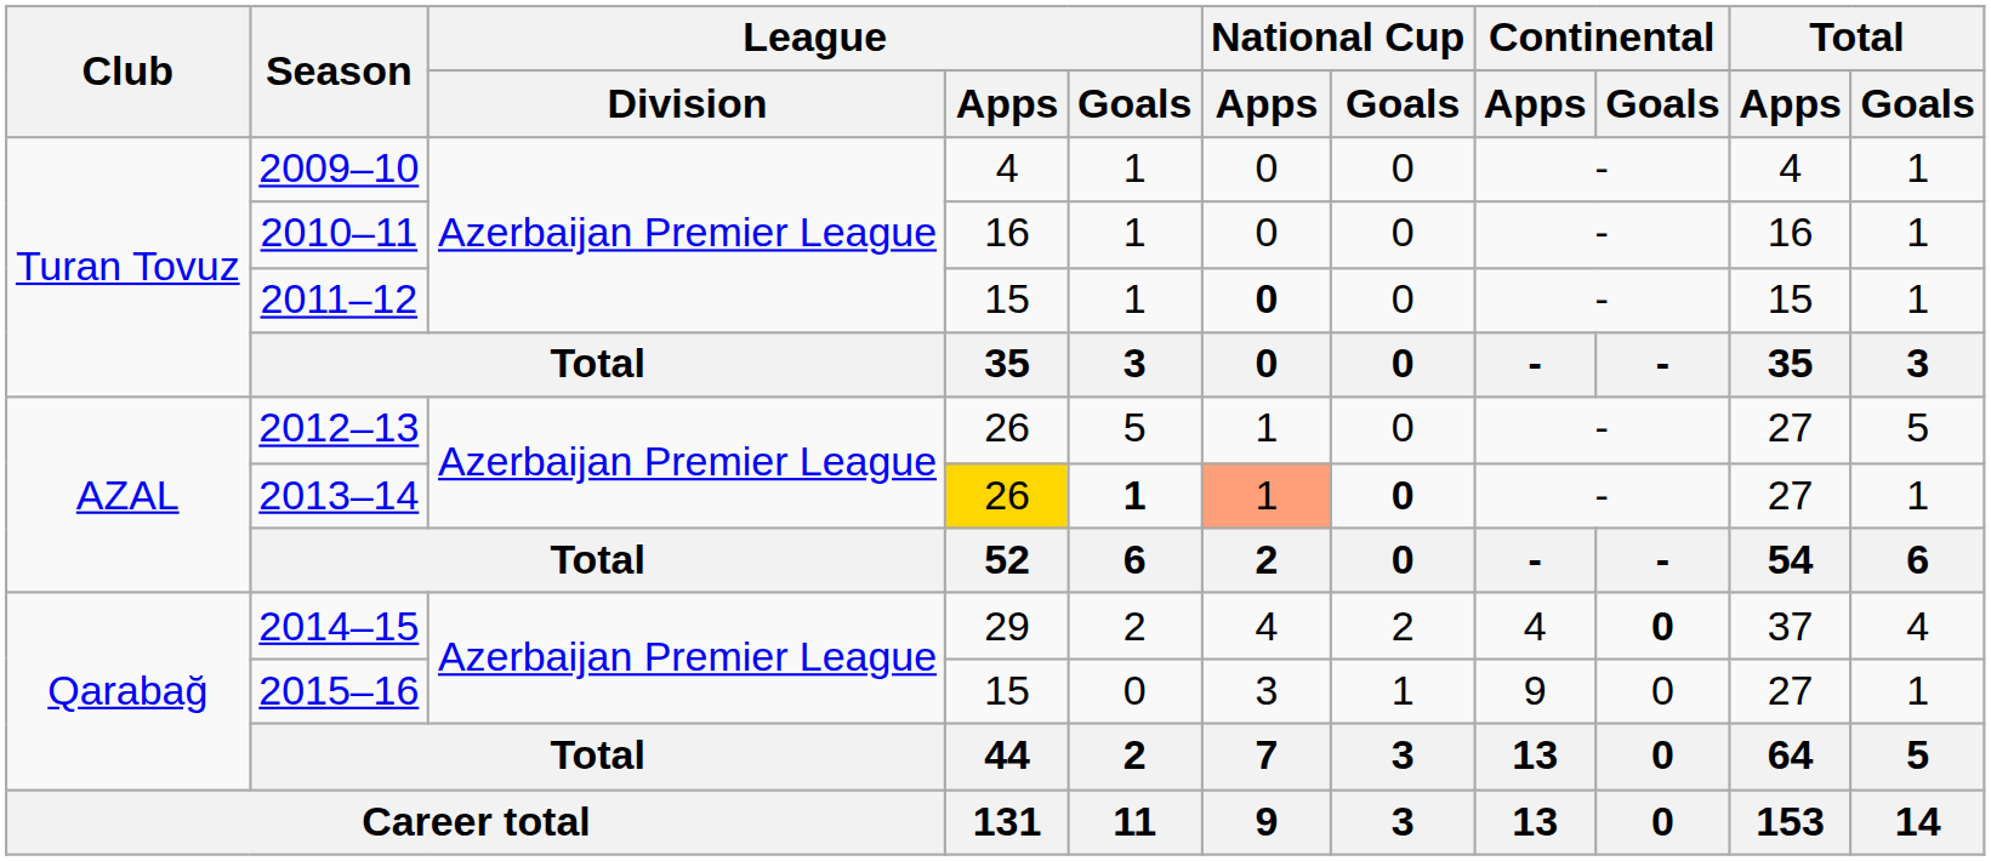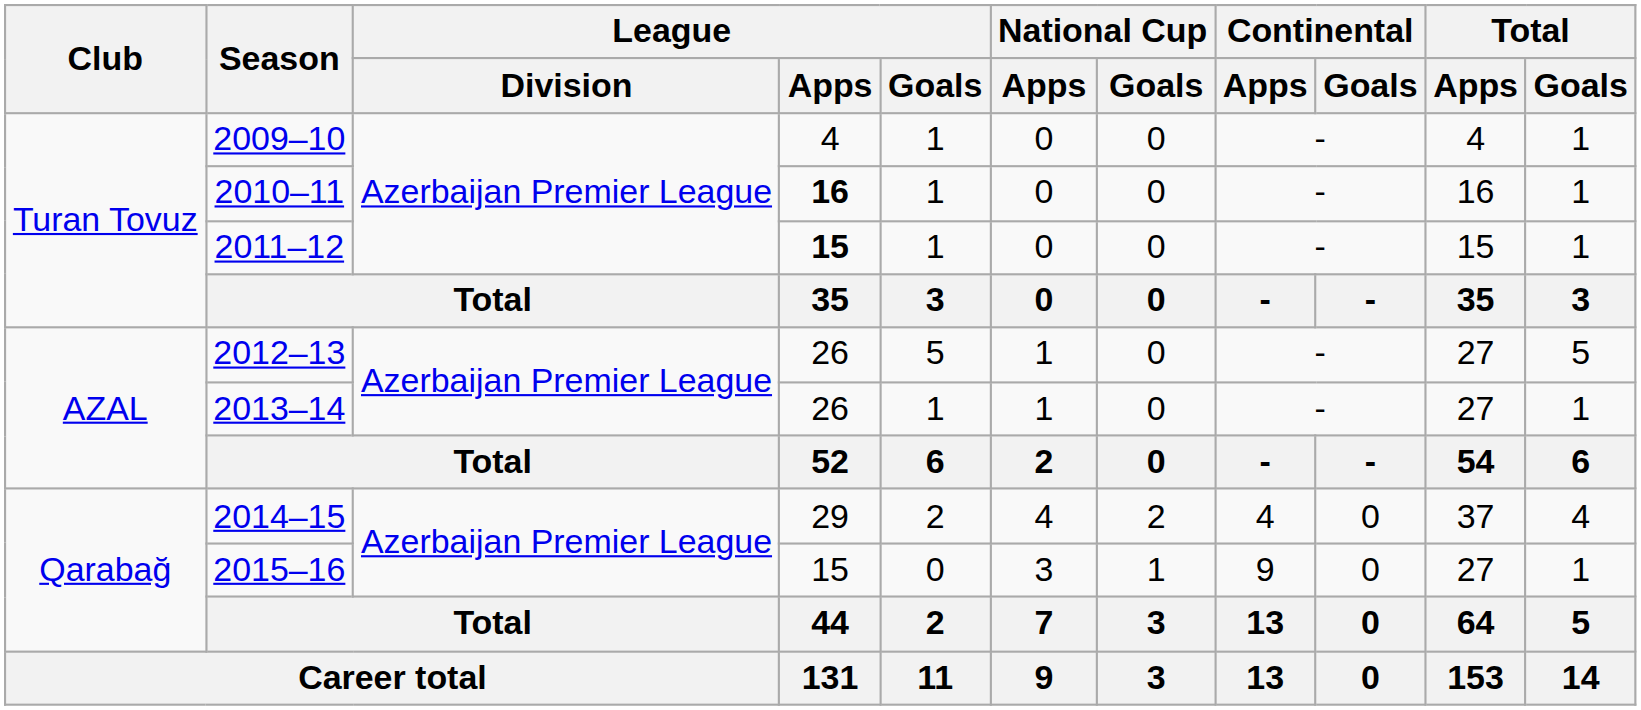 <table class="wikitable" style="text-align: center;">
 <tr>
 <th rowspan="2">Club</th>
 <th rowspan="2">Season</th>
 <th colspan="3">League</th>
 <th colspan="2">National Cup</th>
 <th colspan="2">Continental</th>
 <th colspan="2">Total</th>
 </tr>
 <tr>
 <th>Division</th>
 <th>Apps</th>
 <th>Goals</th>
 <th>Apps</th>
 <th>Goals</th>
 <th>Apps</th>
 <th>Goals</th>
 <th>Apps</th>
 <th>Goals</th>
 </tr>
 <tr>
 <td rowspan="4" valign="center"><a href='#'>Turan Tovuz</a></td>
 <td><a href='#'>2009–10</a></td>
 <td rowspan="3" valign="center"><a href='#'>Azerbaijan Premier League</a></td>
 <td>4</td>
 <td>1</td>
 <td>0</td>
 <td>0</td>
 <td colspan="2">-</td>
 <td>4</td>
 <td>1</td>
 </tr>
 <tr>
 <td><a href='#'>2010–11</a></td>
-<td>16</td>
+<td><strong>16</strong></td>
 <td>1</td>
 <td>0</td>
 <td>0</td>
 <td colspan="2">-</td>
 <td>16</td>
 <td>1</td>
 </tr>
 <tr>
 <td><a href='#'>2011–12</a></td>
-<td>15</td>
+<td><strong>15</strong></td>
 <td>1</td>
-<td><strong>0</strong></td>
+<td>0</td>
 <td>0</td>
 <td colspan="2">-</td>
 <td>15</td>
 <td>1</td>
 </tr>
 <tr>
 <th colspan="2">Total</th>
 <th>35</th>
 <th>3</th>
 <th>0</th>
 <th>0</th>
 <th>-</th>
 <th>-</th>
 <th>35</th>
 <th>3</th>
 </tr>
 <tr>
 <td rowspan="3" valign="center"><a href='#'>AZAL</a></td>
 <td><a href='#'>2012–13</a></td>
 <td rowspan="2" valign="center"><a href='#'>Azerbaijan Premier League</a></td>
 <td>26</td>
 <td>5</td>
 <td>1</td>
 <td>0</td>
 <td colspan="2">-</td>
 <td>27</td>
 <td>5</td>
 </tr>
 <tr>
 <td><a href='#'>2013–14</a></td>
-<td style="background: gold;">26</td>
-<td><strong>1</strong></td>
-<td style="background: lightsalmon;">1</td>
-<td><strong>0</strong></td>
+<td>26</td>
+<td>1</td>
+<td>1</td>
+<td>0</td>
 <td colspan="2">-</td>
 <td>27</td>
 <td>1</td>
 </tr>
 <tr>
 <th colspan="2">Total</th>
 <th>52</th>
 <th>6</th>
 <th>2</th>
 <th>0</th>
 <th>-</th>
 <th>-</th>
 <th>54</th>
 <th>6</th>
 </tr>
 <tr>
 <td rowspan="3" valign="center"><a href='#'>Qarabağ</a></td>
 <td><a href='#'>2014–15</a></td>
 <td rowspan="2" valign="center"><a href='#'>Azerbaijan Premier League</a></td>
 <td>29</td>
 <td>2</td>
 <td>4</td>
 <td>2</td>
 <td>4</td>
-<td><strong>0</strong></td>
+<td>0</td>
 <td>37</td>
 <td>4</td>
 </tr>
 <tr>
 <td><a href='#'>2015–16</a></td>
 <td>15</td>
 <td>0</td>
 <td>3</td>
 <td>1</td>
 <td>9</td>
 <td>0</td>
 <td>27</td>
 <td>1</td>
 </tr>
 <tr>
 <th colspan="2">Total</th>
 <th>44</th>
 <th>2</th>
 <th>7</th>
 <th>3</th>
 <th>13</th>
 <th>0</th>
 <th>64</th>
 <th>5</th>
 </tr>
 <tr>
 <th colspan="3">Career total</th>
 <th>131</th>
 <th>11</th>
 <th>9</th>
 <th>3</th>
 <th>13</th>
 <th>0</th>
 <th>153</th>
 <th>14</th>
 </tr>
 </table>
